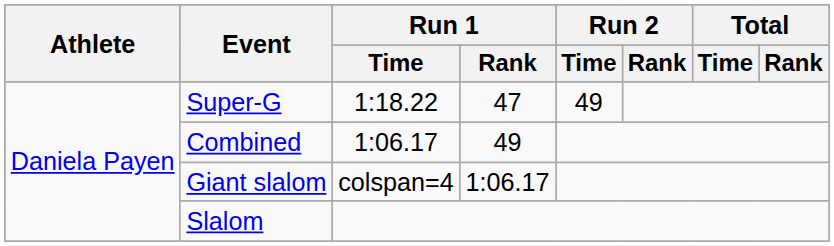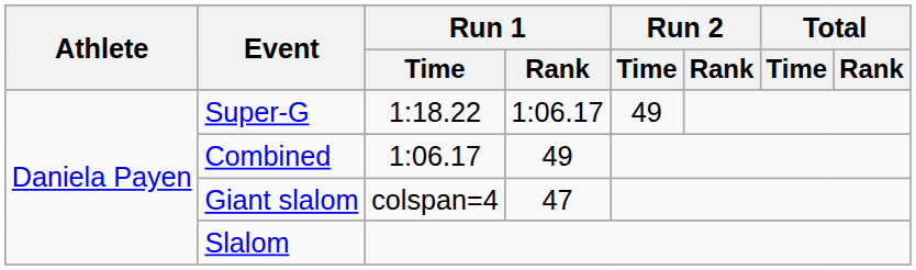 <table class="wikitable" style="font-size:90%">
 <tr>
 <th rowspan=2>Athlete</th>
 <th rowspan=2>Event</th>
 <th colspan=2>Run 1</th>
 <th colspan=2>Run 2</th>
 <th colspan=2>Total</th>
 </tr>
 <tr style="font-size:95%">
 <th>Time</th>
 <th>Rank</th>
 <th>Time</th>
 <th>Rank</th>
 <th>Time</th>
 <th>Rank</th>
 </tr>
 <tr align=center>
 <td align="left" rowspan="4"><a href='#'>Daniela Payen</a></td>
 <td align="left"><a href='#'>Super-G</a></td>
 <td>1:18.22</td>
-<td>47</td>
+<td>1:06.17</td>
 <td>49</td>
 </tr>
 <tr align=center>
 <td align="left"><a href='#'>Combined</a></td>
 <td>1:06.17</td>
 <td>49</td>
 <td colspan=4></td>
 </tr>
 <tr align=center>
 <td align="left"><a href='#'>Giant slalom</a></td>
 <td>colspan=4</td>
-<td>1:06.17</td>
+<td>47</td>
 <td colspan=4></td>
 </tr>
 <tr align=center>
 <td align="left"><a href='#'>Slalom</a></td>
 <td colspan=6></td>
 </tr>
 </table>
